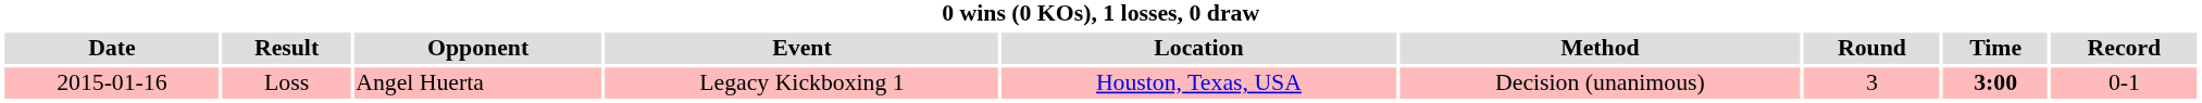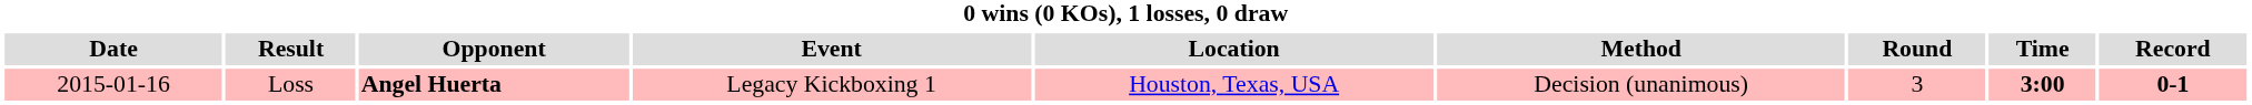 <table class="toccolours"  style="width:100%; clear:both; margin:1.5em auto; font-size:85%; text-align:center;">
 <tr>
 <th colspan=9><strong>0 wins</strong> (0 KOs), <strong>1 losses</strong>, <strong>0 draw</strong></th>
 </tr>
 <tr style="background:#ddd;">
 <th>Date</th>
 <th>Result</th>
 <th>Opponent</th>
 <th>Event</th>
 <th>Location</th>
 <th>Method</th>
 <th>Round</th>
 <th>Time</th>
 <th>Record</th>
 </tr>
 <tr style="background:#fbb;">
 <td>2015-01-16</td>
 <td>Loss</td>
-<td align=left> Angel Huerta</td>
+<td align=left><strong> Angel Huerta</strong></td>
 <td>Legacy Kickboxing 1</td>
 <td><a href='#'>Houston, Texas, USA</a></td>
 <td>Decision (unanimous)</td>
 <td>3</td>
 <td><strong>3:00</strong></td>
-<td>0-1</td>
+<td><strong>0-1</strong></td>
 </tr>
 </table>
